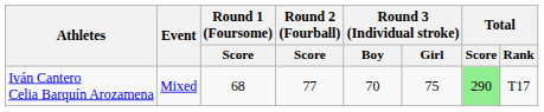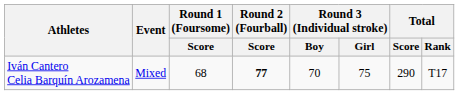 <table class="wikitable" style="font-size:90%">
 <tr>
 <th rowspan="2">Athletes</th>
 <th rowspan="2">Event</th>
 <th>Round 1<br>(Foursome)</th>
 <th>Round 2<br>(Fourball)</th>
 <th colspan="2">Round 3<br>(Individual stroke)</th>
 <th colspan="2">Total</th>
 </tr>
 <tr style="font-size:95%">
 <th>Score</th>
 <th>Score</th>
 <th>Boy</th>
 <th>Girl</th>
 <th>Score</th>
 <th>Rank</th>
 </tr>
 <tr align=center>
 <td align=left><a href='#'>Iván Cantero</a><br><a href='#'>Celia Barquín Arozamena</a></td>
 <td align=left><a href='#'>Mixed</a></td>
 <td>68</td>
-<td>77</td>
+<td><strong>77</strong></td>
 <td>70</td>
 <td>75</td>
-<td style="background: lightgreen;">290</td>
+<td>290</td>
 <td>T17</td>
 </tr>
 </table>
